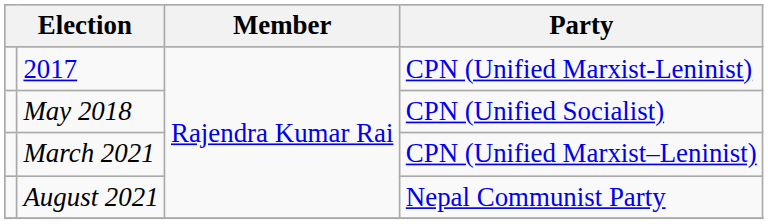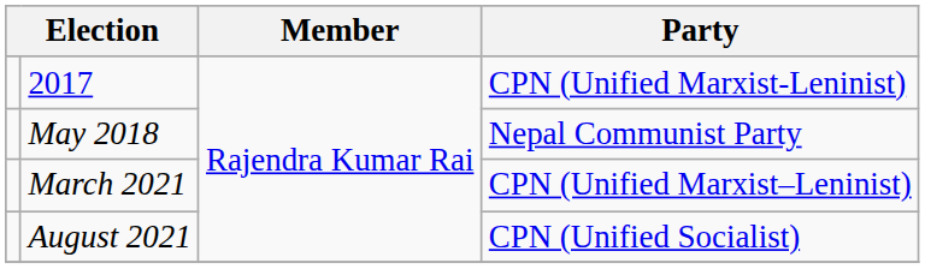 <table class="wikitable">
 <tr>
 <th colspan="2">Election</th>
 <th>Member</th>
 <th>Party</th>
 </tr>
 <tr>
 <td style="background-color:"></td>
 <td><a href='#'>2017</a></td>
 <td rowspan="4"><a href='#'>Rajendra Kumar Rai</a></td>
 <td><a href='#'>CPN (Unified Marxist-Leninist)</a></td>
 </tr>
 <tr>
 <td style="background-color:"></td>
 <td><em>May 2018</em></td>
-<td><a href='#'>CPN (Unified Socialist)</a></td>
+<td><a href='#'>Nepal Communist Party</a></td>
 </tr>
 <tr>
 <td style="background-color:"></td>
 <td><em>March 2021</em></td>
 <td><a href='#'>CPN (Unified Marxist–Leninist)</a></td>
 </tr>
 <tr>
 <td style="background-color:"></td>
 <td><em>August 2021</em></td>
-<td><a href='#'>Nepal Communist Party</a></td>
+<td><a href='#'>CPN (Unified Socialist)</a></td>
 </tr>
 <tr>
 </tr>
 </table>
